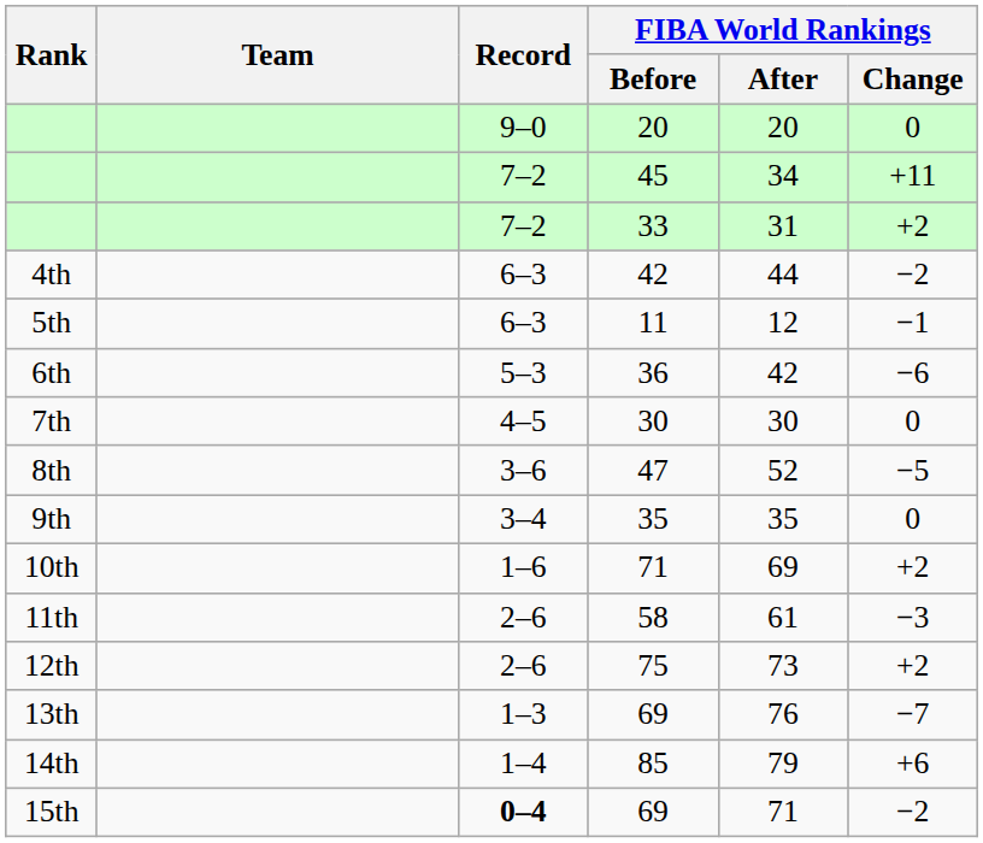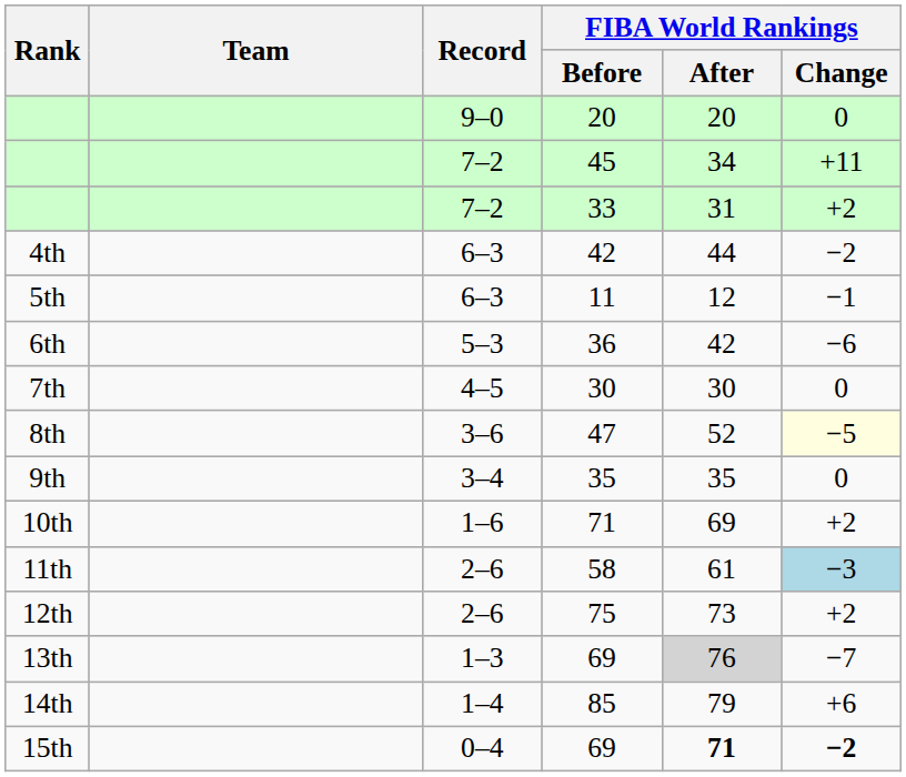 <table class=wikitable style="text-align:center">
 <tr>
 <th rowspan=2 width=40>Rank</th>
 <th rowspan=2 width=180>Team</th>
 <th rowspan=2 width=60>Record</th>
 <th colspan=3><a href='#'>FIBA World Rankings</a></th>
 </tr>
 <tr>
 <th width=60>Before</th>
 <th width=60>After</th>
 <th width=60>Change</th>
 </tr>
 <tr bgcolor="#ccffcc">
 <td></td>
 <td align=left></td>
 <td>9–0</td>
 <td>20</td>
 <td>20</td>
 <td>0</td>
 </tr>
 <tr bgcolor="#ccffcc">
 <td></td>
 <td align=left></td>
 <td>7–2</td>
 <td>45</td>
 <td>34</td>
 <td>+11</td>
 </tr>
 <tr bgcolor="#ccffcc">
 <td></td>
 <td align=left></td>
 <td>7–2</td>
 <td>33</td>
 <td>31</td>
 <td>+2</td>
 </tr>
 <tr>
 <td>4th</td>
 <td align=left></td>
 <td>6–3</td>
 <td>42</td>
 <td>44</td>
 <td>−2</td>
 </tr>
 <tr>
 <td>5th</td>
 <td align=left></td>
 <td>6–3</td>
 <td>11</td>
 <td>12</td>
 <td>−1</td>
 </tr>
 <tr>
 <td>6th</td>
 <td align=left></td>
 <td>5–3</td>
 <td>36</td>
 <td>42</td>
 <td>−6</td>
 </tr>
 <tr>
 <td>7th</td>
 <td align=left></td>
 <td>4–5</td>
 <td>30</td>
 <td>30</td>
 <td>0</td>
 </tr>
 <tr>
 <td>8th</td>
 <td align=left></td>
 <td>3–6</td>
 <td>47</td>
 <td>52</td>
-<td>−5</td>
+<td style="background: lightyellow;">−5</td>
 </tr>
 <tr>
 <td>9th</td>
 <td align=left></td>
 <td>3–4</td>
 <td>35</td>
 <td>35</td>
 <td>0</td>
 </tr>
 <tr>
 <td>10th</td>
 <td align=left></td>
 <td>1–6</td>
 <td>71</td>
 <td>69</td>
 <td>+2</td>
 </tr>
 <tr>
 <td>11th</td>
 <td align=left></td>
 <td>2–6</td>
 <td>58</td>
 <td>61</td>
-<td>−3</td>
+<td style="background: lightblue;">−3</td>
 </tr>
 <tr>
 <td>12th</td>
 <td align=left></td>
 <td>2–6</td>
 <td>75</td>
 <td>73</td>
 <td>+2</td>
 </tr>
 <tr>
 <td>13th</td>
 <td align=left></td>
 <td>1–3</td>
 <td>69</td>
-<td>76</td>
+<td style="background: lightgrey;">76</td>
 <td>−7</td>
 </tr>
 <tr>
 <td>14th</td>
 <td align=left></td>
 <td>1–4</td>
 <td>85</td>
 <td>79</td>
 <td>+6</td>
 </tr>
 <tr>
 <td>15th</td>
 <td align=left></td>
-<td><strong>0–4</strong></td>
+<td>0–4</td>
 <td>69</td>
-<td>71</td>
-<td>−2</td>
+<td><strong>71</strong></td>
+<td><strong>−2</strong></td>
 </tr>
 </table>
